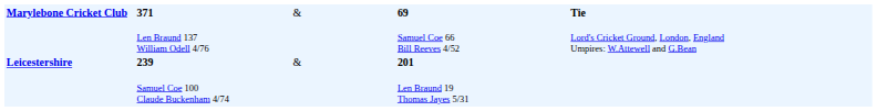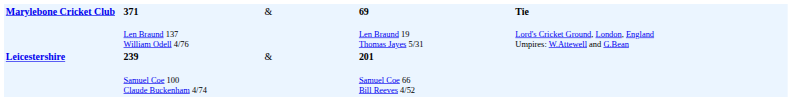 <table width="100%" style="background: #EBF5FF">
 <tr>
 <td width="15%" valign="top" rowspan="2"><strong><a href='#'>Marylebone Cricket Club</a></strong></td>
 <td width="18%"><strong>371</strong></td>
 <td width="12%">&</td>
 <td width="20%"><strong>69</strong></td>
 <td width="35%"><strong>Tie</strong></td>
 </tr>
 <tr>
 <td style="font-size: 85%;" valign="top"><br><a href='#'>Len Braund</a> 137<br> <a href='#'>William Odell</a> 4/76</td>
 <td></td>
-<td valign="top" style="font-size: 85%;"><br><a href='#'>Samuel Coe</a> 66<br> <a href='#'>Bill Reeves</a> 4/52</td>
+<td style="font-size: 85%;"><br><a href='#'>Len Braund</a> 19<br> <a href='#'>Thomas Jayes</a> 5/31</td>
 <td valign="top" style="font-size: 85%;" rowspan="3"><br><a href='#'>Lord's Cricket Ground</a>, <a href='#'>London</a>, <a href='#'>England</a><br> Umpires: <a href='#'>W.Attewell</a> and <a href='#'>G.Bean</a></td>
 </tr>
 <tr>
 <td valign="top" rowspan="2"><strong><a href='#'>Leicestershire</a></strong></td>
 <td><strong>239</strong></td>
 <td>&</td>
 <td><strong>201</strong></td>
 </tr>
 <tr>
 <td style="font-size: 85%;"><br><a href='#'>Samuel Coe</a> 100<br> <a href='#'>Claude Buckenham</a> 4/74</td>
 <td></td>
-<td style="font-size: 85%;"><br><a href='#'>Len Braund</a> 19<br> <a href='#'>Thomas Jayes</a> 5/31</td>
+<td valign="top" style="font-size: 85%;"><br><a href='#'>Samuel Coe</a> 66<br> <a href='#'>Bill Reeves</a> 4/52</td>
 </tr>
 </table>
